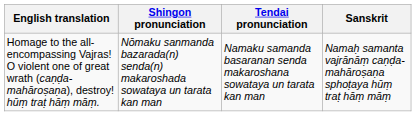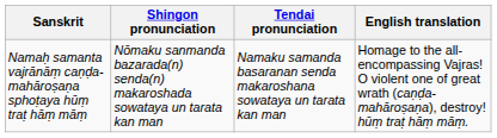 <table class="wikitable">
 <tr>
-<th>English translation</th>
+<th>Sanskrit</th>
 <th><a href='#'>Shingon</a> pronunciation</th>
 <th><a href='#'>Tendai</a> pronunciation</th>
-<th>Sanskrit</th>
+<th>English translation</th>
 </tr>
 <tr>
-<td>Homage to the all-encompassing Vajras! O violent one of great wrath (<em>caṇḍa-mahāroṣaṇa</em>), destroy! <em>hūṃ traṭ hāṃ māṃ.</em></td>
+<td><em>Namaḥ samanta vajrānāṃ caṇḍa-mahāroṣaṇa sphoṭaya hūṃ traṭ hāṃ māṃ</em></td>
 <td><em>Nōmaku sanmanda bazarada(n) senda(n) makaroshada sowataya un tarata kan man</em></td>
 <td><em>Namaku samanda basaranan senda makaroshana sowataya un tarata kan man</em></td>
-<td><em>Namaḥ samanta vajrānāṃ caṇḍa-mahāroṣaṇa sphoṭaya hūṃ traṭ hāṃ māṃ</em></td>
+<td>Homage to the all-encompassing Vajras! O violent one of great wrath (<em>caṇḍa-mahāroṣaṇa</em>), destroy! <em>hūṃ traṭ hāṃ māṃ.</em></td>
 </tr>
 </table>
